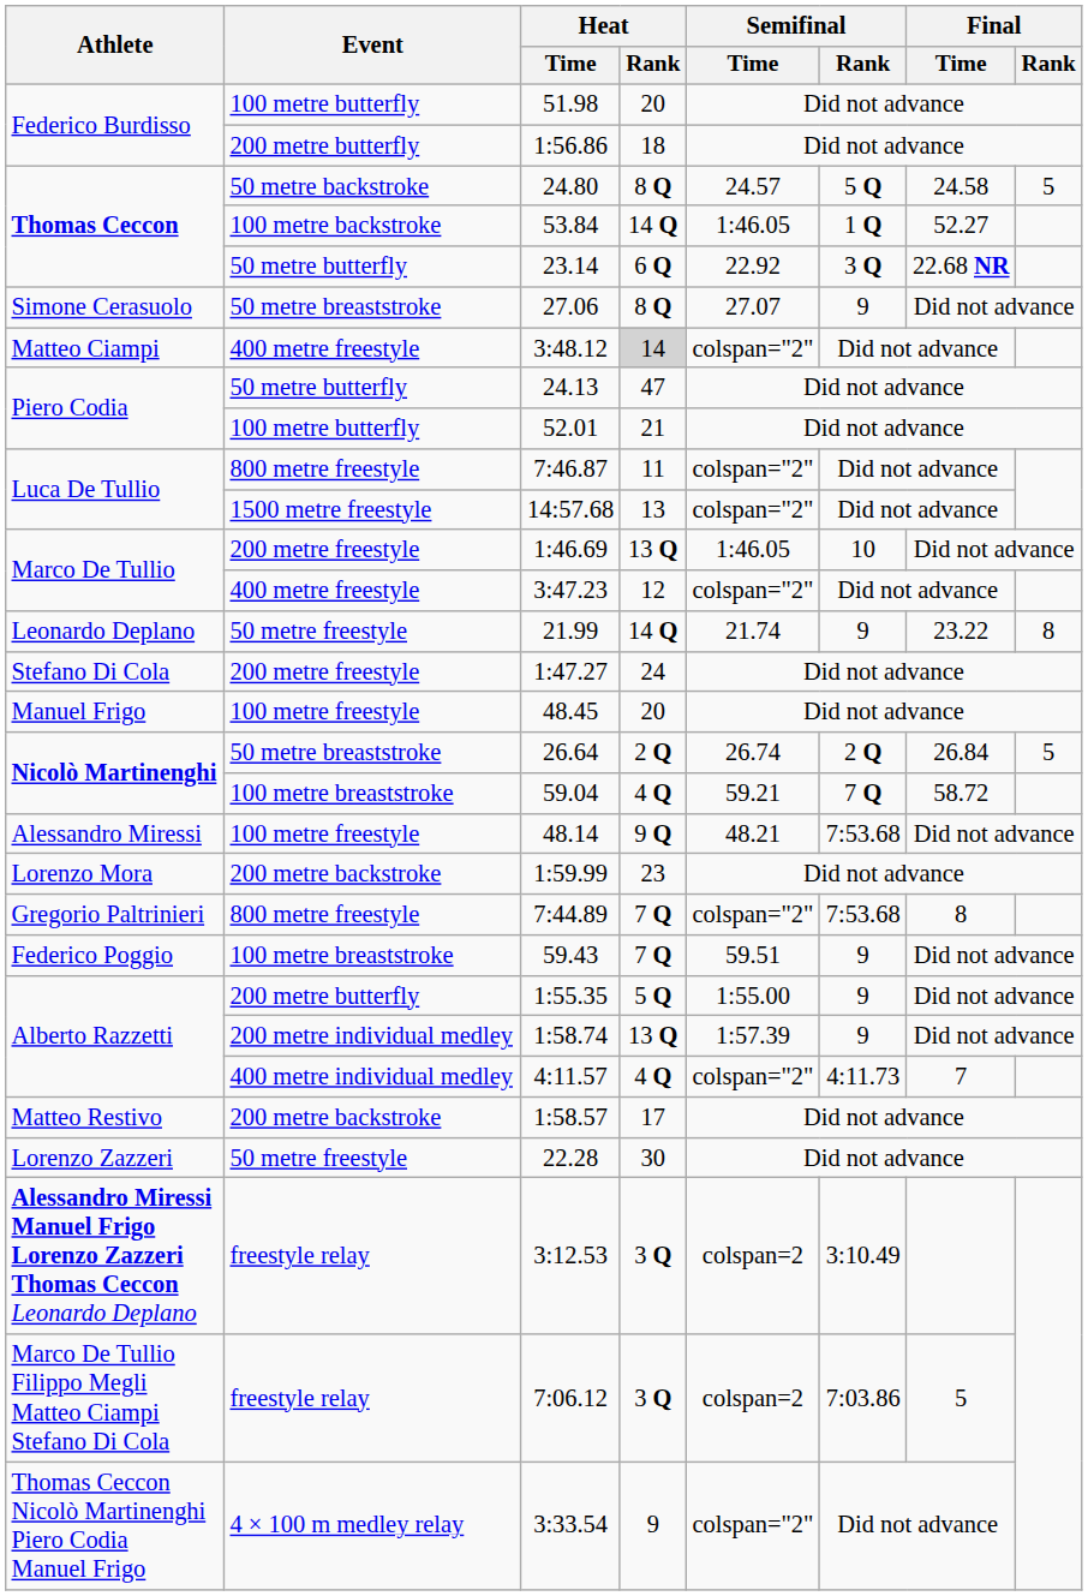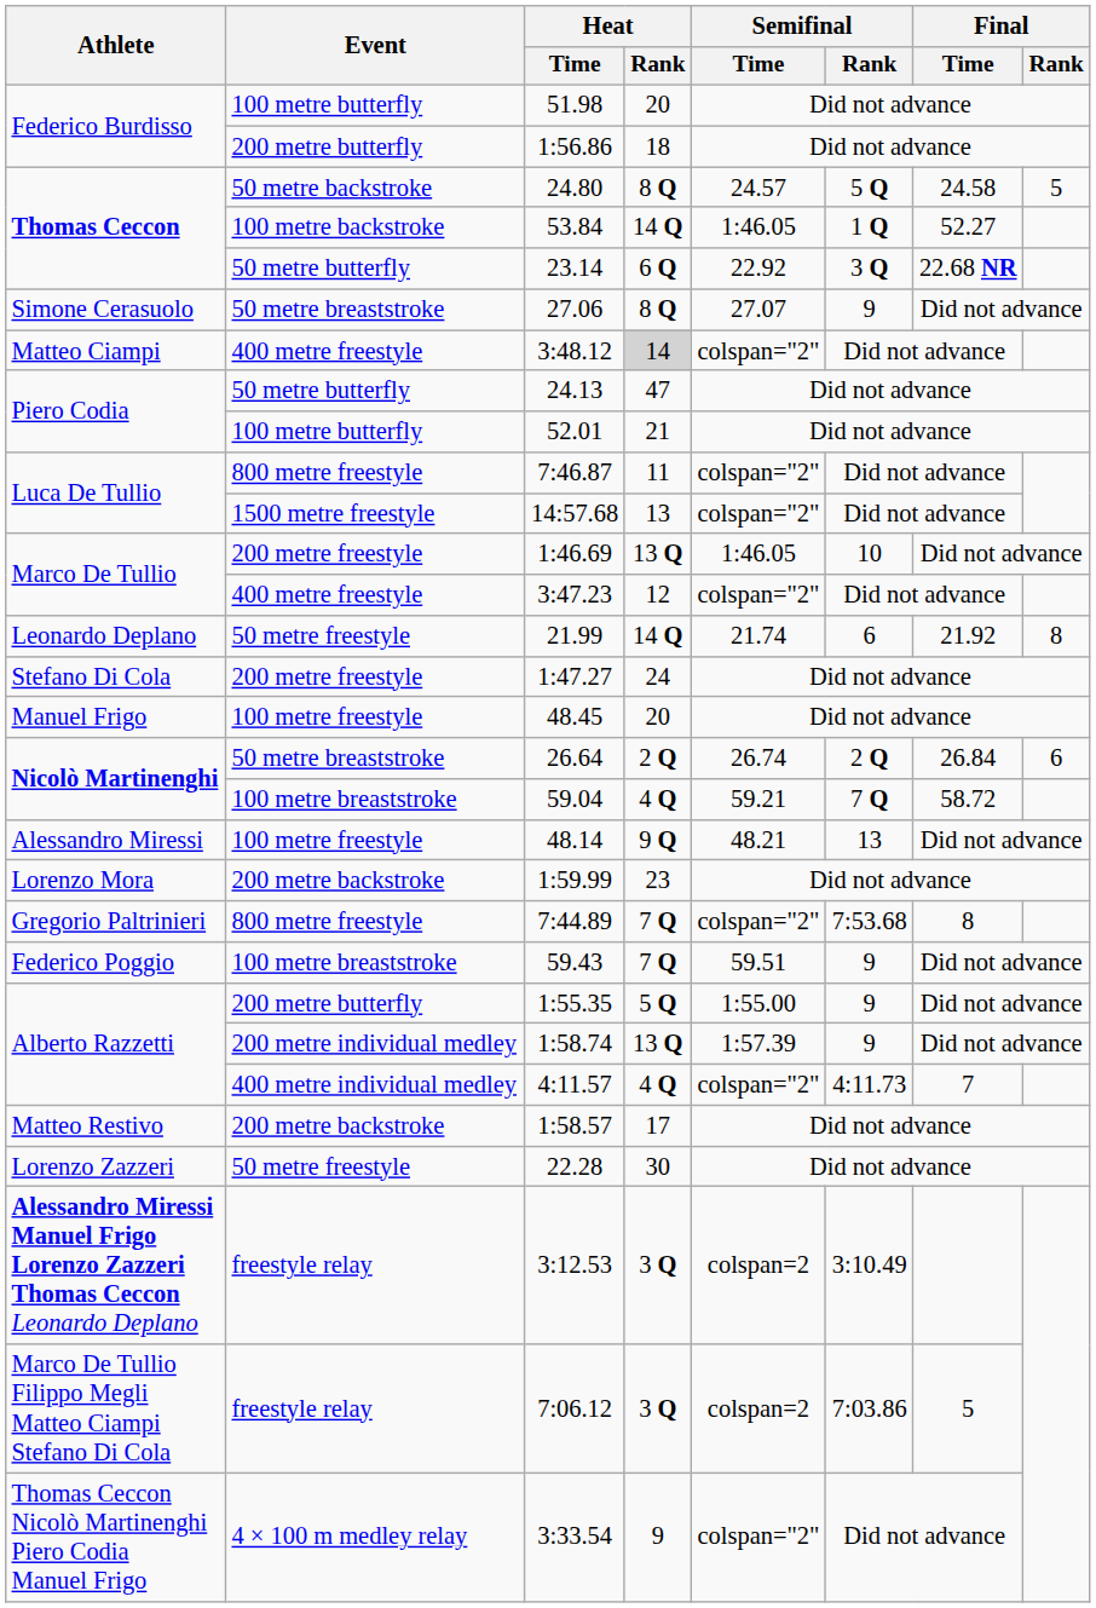 <table class="wikitable" style="text-align:center; font-size:90%; width:50%;">
 <tr>
 <th rowspan="2">Athlete</th>
 <th rowspan="2">Event</th>
 <th colspan="2">Heat</th>
 <th colspan="2">Semifinal</th>
 <th colspan="2">Final</th>
 </tr>
 <tr style="font-size:95%">
 <th>Time</th>
 <th>Rank</th>
 <th>Time</th>
 <th>Rank</th>
 <th>Time</th>
 <th>Rank</th>
 </tr>
 <tr>
 <td align=left rowspan=2><a href='#'>Federico Burdisso</a></td>
 <td align=left><a href='#'>100 metre butterfly</a></td>
 <td>51.98</td>
 <td>20</td>
 <td colspan=4>Did not advance</td>
 </tr>
 <tr>
 <td align=left><a href='#'>200 metre butterfly</a></td>
 <td>1:56.86</td>
 <td>18</td>
 <td colspan=4>Did not advance</td>
 </tr>
 <tr align=center>
 <td align=left rowspan="3"><strong><a href='#'>Thomas Ceccon</a></strong></td>
 <td align=left><a href='#'>50 metre backstroke</a></td>
 <td>24.80</td>
 <td>8 <strong>Q</strong></td>
 <td>24.57</td>
 <td>5 <strong>Q</strong></td>
 <td>24.58</td>
 <td>5</td>
 </tr>
 <tr align=center>
 <td align=left><a href='#'>100 metre backstroke</a></td>
 <td>53.84</td>
 <td>14 <strong>Q</strong></td>
 <td>1:46.05</td>
 <td>1 <strong>Q</strong></td>
 <td>52.27</td>
 <td></td>
 </tr>
 <tr align=center>
 <td align=left><a href='#'>50 metre butterfly</a></td>
 <td>23.14</td>
 <td>6 <strong>Q</strong></td>
 <td>22.92</td>
 <td>3 <strong>Q</strong></td>
 <td>22.68 <strong><a href='#'>NR</a></strong></td>
 <td></td>
 </tr>
 <tr align=center>
 <td align=left><a href='#'>Simone Cerasuolo</a></td>
 <td align=left><a href='#'>50 metre breaststroke</a></td>
 <td>27.06</td>
 <td>8 <strong>Q</strong></td>
 <td>27.07</td>
 <td>9</td>
 <td colspan="2">Did not advance</td>
 </tr>
 <tr align=center>
 <td align=left><a href='#'>Matteo Ciampi</a></td>
 <td align=left><a href='#'>400 metre freestyle</a></td>
 <td>3:48.12</td>
 <td style="background: lightgrey;">14</td>
 <td>colspan="2" </td>
 <td colspan="2">Did not advance</td>
 </tr>
 <tr align=center>
 <td align=left rowspan=2><a href='#'>Piero Codia</a></td>
 <td align=left><a href='#'>50 metre butterfly</a></td>
 <td>24.13</td>
 <td>47</td>
 <td colspan="4">Did not advance</td>
 </tr>
 <tr>
 <td align=left><a href='#'>100 metre butterfly</a></td>
 <td>52.01</td>
 <td>21</td>
 <td colspan=4>Did not advance</td>
 </tr>
 <tr>
 <td align=left rowspan=2><a href='#'>Luca De Tullio</a></td>
 <td align=left><a href='#'>800 metre freestyle</a></td>
 <td>7:46.87</td>
 <td>11</td>
 <td>colspan="2" </td>
 <td colspan="2">Did not advance</td>
 </tr>
 <tr>
 <td align=left><a href='#'>1500 metre freestyle</a></td>
 <td>14:57.68</td>
 <td>13</td>
 <td>colspan="2" </td>
 <td colspan="2">Did not advance</td>
 </tr>
 <tr align=center>
 <td align=left rowspan="2"><a href='#'>Marco De Tullio</a></td>
 <td align=left><a href='#'>200 metre freestyle</a></td>
 <td>1:46.69</td>
 <td>13 <strong>Q</strong></td>
 <td>1:46.05</td>
 <td>10</td>
 <td colspan="2">Did not advance</td>
 </tr>
 <tr align=center>
 <td align=left><a href='#'>400 metre freestyle</a></td>
 <td>3:47.23</td>
 <td>12</td>
 <td>colspan="2" </td>
 <td colspan="2">Did not advance</td>
 </tr>
 <tr align=center>
 <td align=left><a href='#'>Leonardo Deplano</a></td>
 <td align=left><a href='#'>50 metre freestyle</a></td>
 <td>21.99</td>
 <td>14 <strong>Q</strong></td>
 <td>21.74</td>
-<td>9</td>
-<td>23.22</td>
+<td>6</td>
+<td>21.92</td>
 <td>8</td>
 </tr>
 <tr align=center>
 <td align=left><a href='#'>Stefano Di Cola</a></td>
 <td align=left><a href='#'>200 metre freestyle</a></td>
 <td>1:47.27</td>
 <td>24</td>
 <td colspan="4">Did not advance</td>
 </tr>
 <tr>
 <td align=left><a href='#'>Manuel Frigo</a></td>
 <td align=left><a href='#'>100 metre freestyle</a></td>
 <td>48.45</td>
 <td>20</td>
 <td colspan="4">Did not advance</td>
 </tr>
 <tr align=center>
 <td align=left rowspan=2><strong><a href='#'>Nicolò Martinenghi</a></strong></td>
 <td align=left><a href='#'>50 metre breaststroke</a></td>
 <td>26.64</td>
 <td>2 <strong>Q</strong></td>
 <td>26.74</td>
 <td>2 <strong>Q</strong></td>
 <td>26.84</td>
-<td>5</td>
+<td>6</td>
 </tr>
 <tr align=center>
 <td align=left><a href='#'>100 metre breaststroke</a></td>
 <td>59.04</td>
 <td>4 <strong>Q</strong></td>
 <td>59.21</td>
 <td>7 <strong>Q</strong></td>
 <td>58.72</td>
 <td></td>
 </tr>
 <tr>
 <td align=left><a href='#'>Alessandro Miressi</a></td>
 <td align=left><a href='#'>100 metre freestyle</a></td>
 <td>48.14</td>
 <td>9 <strong>Q</strong></td>
 <td>48.21</td>
-<td>7:53.68</td>
+<td>13</td>
 <td colspan="2">Did not advance</td>
 </tr>
 <tr align=center>
 <td align=left><a href='#'>Lorenzo Mora</a></td>
 <td align=left><a href='#'>200 metre backstroke</a></td>
 <td>1:59.99</td>
 <td>23</td>
 <td colspan=4>Did not advance</td>
 </tr>
 <tr>
 <td align=left><a href='#'>Gregorio Paltrinieri</a></td>
 <td align=left><a href='#'>800 metre freestyle</a></td>
 <td>7:44.89</td>
 <td>7 <strong>Q</strong></td>
 <td>colspan="2" </td>
 <td>7:53.68</td>
 <td>8</td>
 </tr>
 <tr align=center>
 <td align=left><a href='#'>Federico Poggio</a></td>
 <td align=left><a href='#'>100 metre breaststroke</a></td>
 <td>59.43</td>
 <td>7 <strong>Q</strong></td>
 <td>59.51</td>
 <td>9</td>
 <td colspan="2">Did not advance</td>
 </tr>
 <tr align=center>
 <td align=left rowspan="3"><a href='#'>Alberto Razzetti</a></td>
 <td align=left><a href='#'>200 metre butterfly</a></td>
 <td>1:55.35</td>
 <td>5 <strong>Q</strong></td>
 <td>1:55.00</td>
 <td>9</td>
 <td colspan="2">Did not advance</td>
 </tr>
 <tr align=center>
 <td align=left><a href='#'>200 metre individual medley</a></td>
 <td>1:58.74</td>
 <td>13 <strong>Q</strong></td>
 <td>1:57.39</td>
 <td>9</td>
 <td colspan="2">Did not advance</td>
 </tr>
 <tr align=center>
 <td align=left><a href='#'>400 metre individual medley</a></td>
 <td>4:11.57</td>
 <td>4 <strong>Q</strong></td>
 <td>colspan="2" </td>
 <td>4:11.73</td>
 <td>7</td>
 </tr>
 <tr align=center>
 <td align=left><a href='#'>Matteo Restivo</a></td>
 <td align=left><a href='#'>200 metre backstroke</a></td>
 <td>1:58.57</td>
 <td>17</td>
 <td colspan=4>Did not advance</td>
 </tr>
 <tr align=center>
 <td align=left><a href='#'>Lorenzo Zazzeri</a></td>
 <td align=left><a href='#'>50 metre freestyle</a></td>
 <td>22.28</td>
 <td>30</td>
 <td colspan=4>Did not advance</td>
 </tr>
 <tr align=center>
 <td align=left><strong><a href='#'>Alessandro Miressi</a><br> <a href='#'>Manuel Frigo</a><br> <a href='#'>Lorenzo Zazzeri</a><br> <a href='#'>Thomas Ceccon</a></strong><br> <em><a href='#'>Leonardo Deplano</a></em></td>
 <td align=left><a href='#'> freestyle relay</a></td>
 <td>3:12.53</td>
 <td>3 <strong>Q</strong></td>
 <td>colspan=2 </td>
 <td>3:10.49</td>
 <td></td>
 </tr>
 <tr align=center>
 <td align=left><a href='#'>Marco De Tullio</a>  <br><a href='#'>Filippo Megli</a>  <br><a href='#'>Matteo Ciampi</a>  <br><a href='#'>Stefano Di Cola</a></td>
 <td align=left><a href='#'> freestyle relay</a></td>
 <td>7:06.12</td>
 <td>3 <strong>Q</strong></td>
 <td>colspan=2 </td>
 <td>7:03.86</td>
 <td>5</td>
 </tr>
 <tr>
 <td align=left><a href='#'>Thomas Ceccon</a> <br><a href='#'>Nicolò Martinenghi</a> <br><a href='#'>Piero Codia</a> <br><a href='#'>Manuel Frigo</a></td>
 <td align=left><a href='#'>4 × 100 m medley relay</a></td>
 <td>3:33.54</td>
 <td>9</td>
 <td>colspan="2" </td>
 <td colspan=2>Did not advance</td>
 </tr>
 </table>
